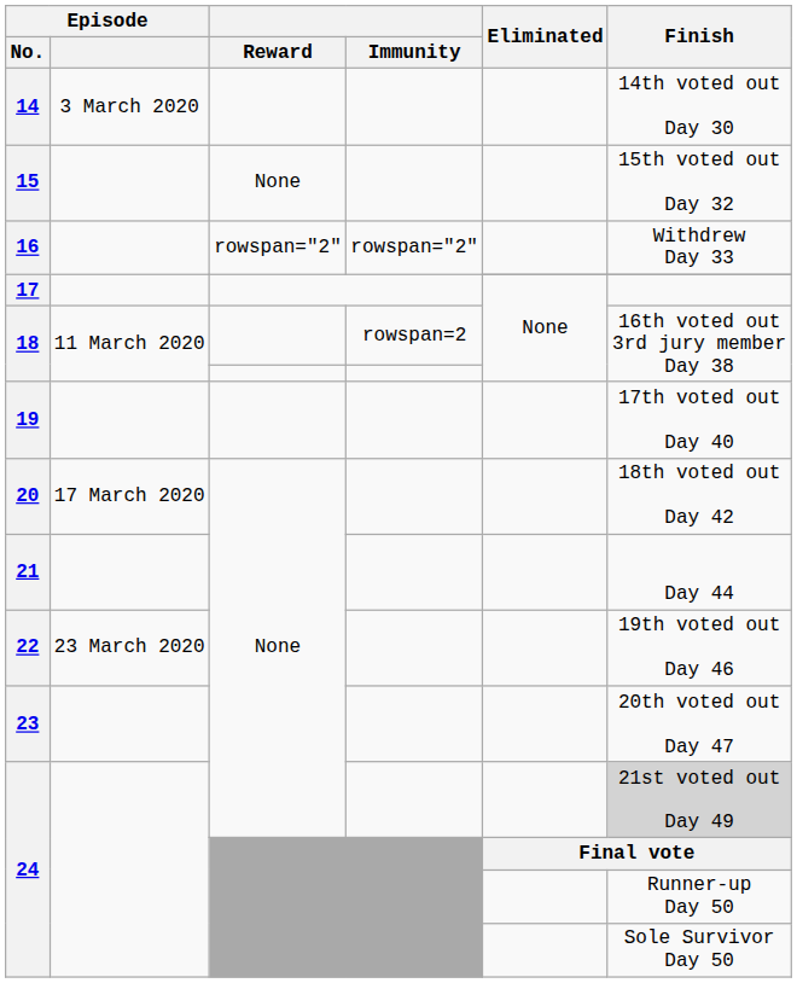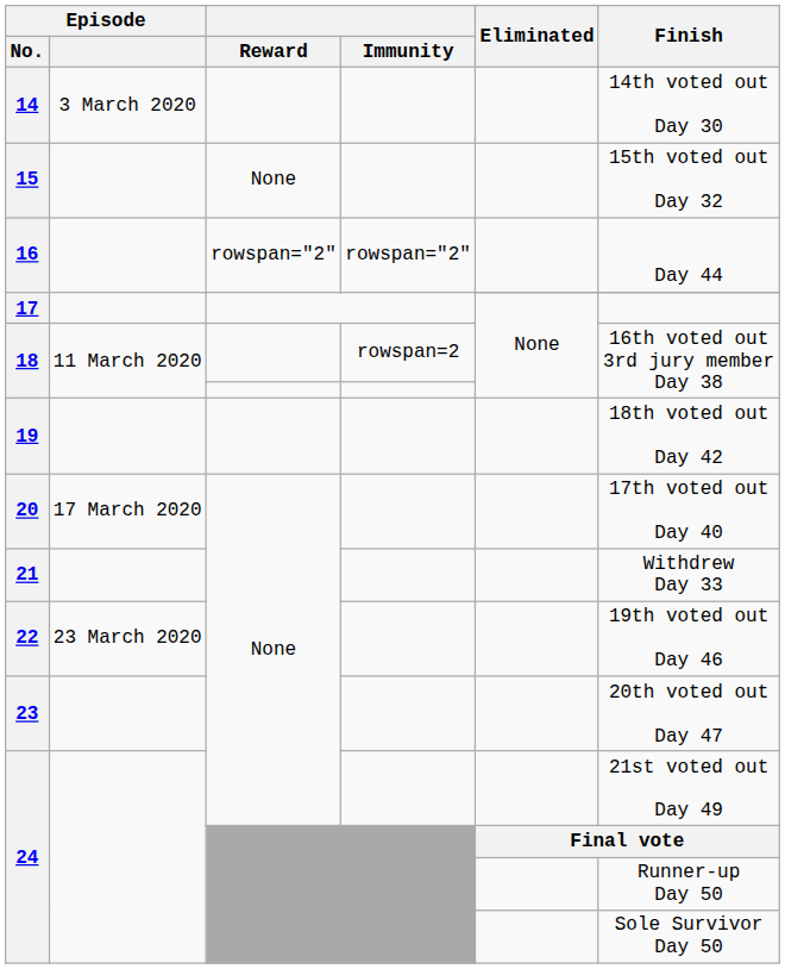 <table class="wikitable nowrap" style="text-align:center; font-size:100%">
 <tr>
 <th colspan="2">Episode</th>
 <th colspan="2"></th>
 <th rowspan="2">Eliminated</th>
 <th rowspan="2">Finish</th>
 </tr>
 <tr>
 <th>No.</th>
 <th></th>
 <th>Reward</th>
 <th>Immunity</th>
 </tr>
 <tr>
 <th><a href='#'>14</a></th>
 <td>3 March 2020</td>
 <td></td>
 <td></td>
 <td></td>
 <td>14th voted out<br><br>Day 30</td>
 </tr>
 <tr>
 <th><a href='#'>15</a></th>
 <td></td>
 <td>None</td>
 <td></td>
 <td></td>
 <td>15th voted out<br><br>Day 32</td>
 </tr>
 <tr>
 <th rowspan="2"><a href='#'>16</a></th>
 <td rowspan="2"></td>
 <td>rowspan="2"</td>
 <td>rowspan="2"</td>
 <td></td>
-<td>Withdrew<br>Day 33</td>
+<td><br><br>Day 44</td>
 </tr>
 <tr>
 <td colspan="2" rowspan="2"><small><em><br></em></small></td>
 </tr>
 <tr>
 <th><a href='#'>17</a></th>
 <td></td>
 <td rowspan=3>None</td>
 <td></td>
 </tr>
 <tr>
 <th rowspan=2><a href='#'>18</a></th>
 <td rowspan=2>11 March 2020</td>
 <td></td>
 <td>rowspan=2 </td>
 <td rowspan=2>16th voted out<br>3rd jury member<br>Day 38</td>
 </tr>
 <tr>
 <td> </td>
 </tr>
 <tr>
 <th><a href='#'>19</a></th>
 <td></td>
 <td></td>
 <td></td>
 <td></td>
-<td>17th voted out<br><br>Day 40</td>
+<td>18th voted out<br><br>Day 42</td>
 </tr>
 <tr>
 <th><a href='#'>20</a></th>
 <td>17 March 2020</td>
 <td rowspan=5>None</td>
 <td></td>
 <td></td>
-<td>18th voted out<br><br>Day 42</td>
+<td>17th voted out<br><br>Day 40</td>
 </tr>
 <tr>
 <th><a href='#'>21</a></th>
 <td></td>
 <td></td>
 <td></td>
-<td><br><br>Day 44</td>
+<td>Withdrew<br>Day 33</td>
 </tr>
 <tr>
 <th><a href='#'>22</a></th>
 <td>23 March 2020</td>
 <td></td>
 <td></td>
 <td>19th voted out<br><br>Day 46</td>
 </tr>
 <tr>
 <th><a href='#'>23</a></th>
 <td></td>
 <td></td>
 <td></td>
 <td>20th voted out<br><br>Day 47</td>
 </tr>
 <tr>
 <th rowspan="4"><a href='#'>24</a></th>
 <td rowspan="4"></td>
 <td></td>
 <td></td>
-<td style="background: lightgrey;">21st voted out<br><br>Day 49</td>
+<td>21st voted out<br><br>Day 49</td>
 </tr>
 <tr>
 <td rowspan="3" colspan="2" bgcolor="darkgray"></td>
 <th colspan="2">Final vote</th>
 </tr>
 <tr>
 <td></td>
 <td>Runner-up<br>Day 50</td>
 </tr>
 <tr>
 <td></td>
 <td>Sole Survivor<br>Day 50</td>
 </tr>
 </table>
